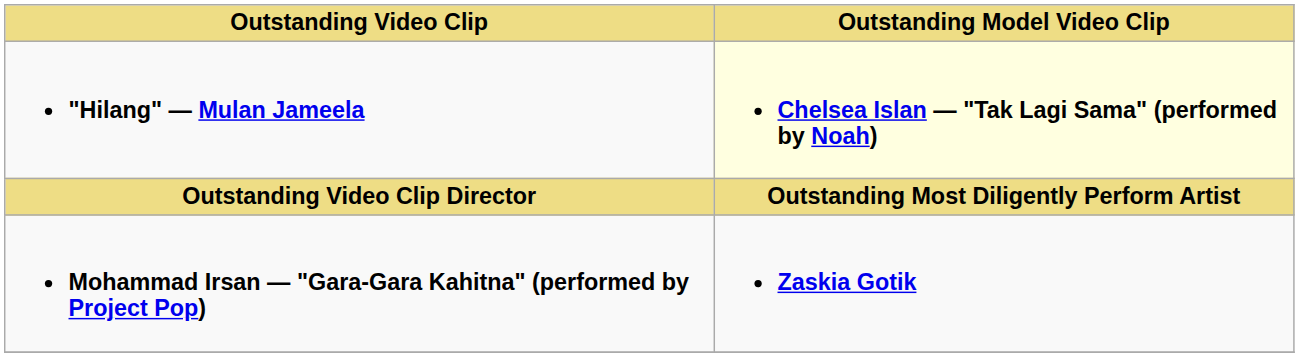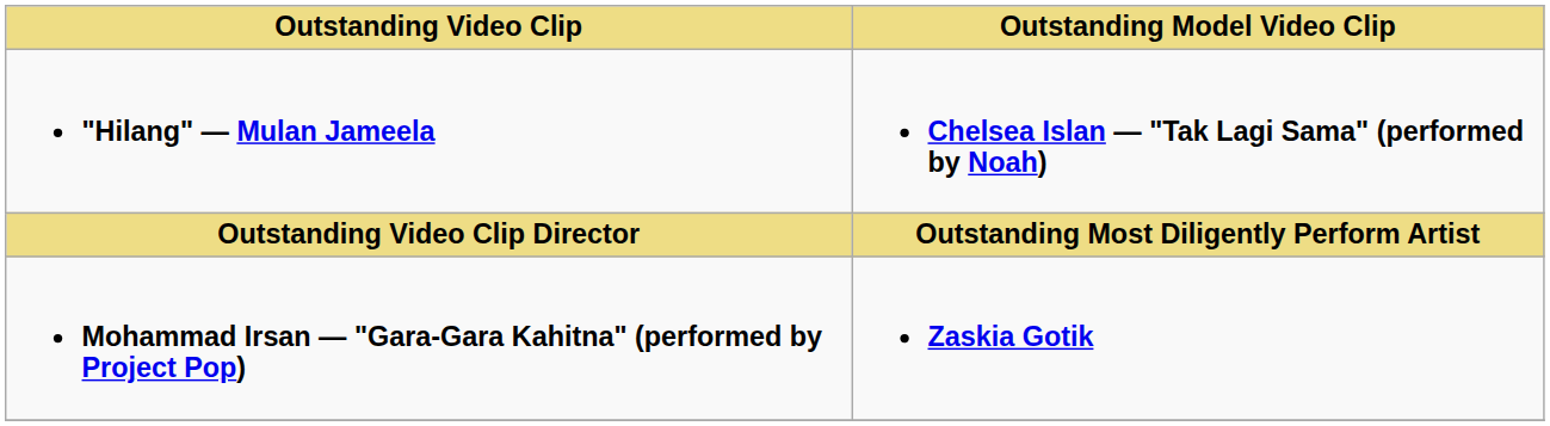 <table class="wikitable" style="width:100%;">
 <tr>
 <th style="background:#EEDD85; width=50%">Outstanding Video Clip</th>
 <th style="background:#EEDD85; width=50%">Outstanding Model Video Clip</th>
 </tr>
 <tr>
 <td valign= "top"><br><ul><li><strong>"Hilang" — <a href='#'>Mulan Jameela</a></strong></li></ul></td>
-<td valign= "top" style="background: lightyellow;"><br><ul><li><strong><a href='#'>Chelsea Islan</a> — "Tak Lagi Sama" (performed by <a href='#'>Noah</a>)</strong></li></ul></td>
+<td valign= "top"><br><ul><li><strong><a href='#'>Chelsea Islan</a> — "Tak Lagi Sama" (performed by <a href='#'>Noah</a>)</strong></li></ul></td>
 </tr>
 <tr>
 <th style="background:#EEDD85; width=50%">Outstanding Video Clip Director</th>
 <th style="background:#EEDD85; width=50%">Outstanding Most Diligently Perform Artist</th>
 </tr>
 <tr>
 <td valign= "top"><br><ul><li><strong>Mohammad Irsan — "Gara-Gara Kahitna" (performed by <a href='#'>Project Pop</a>)</strong></li></ul></td>
 <td valign= "top"><br><ul><li><strong><a href='#'>Zaskia Gotik</a></strong></li></ul></td>
 </tr>
 <tr>
 </tr>
 </table>
